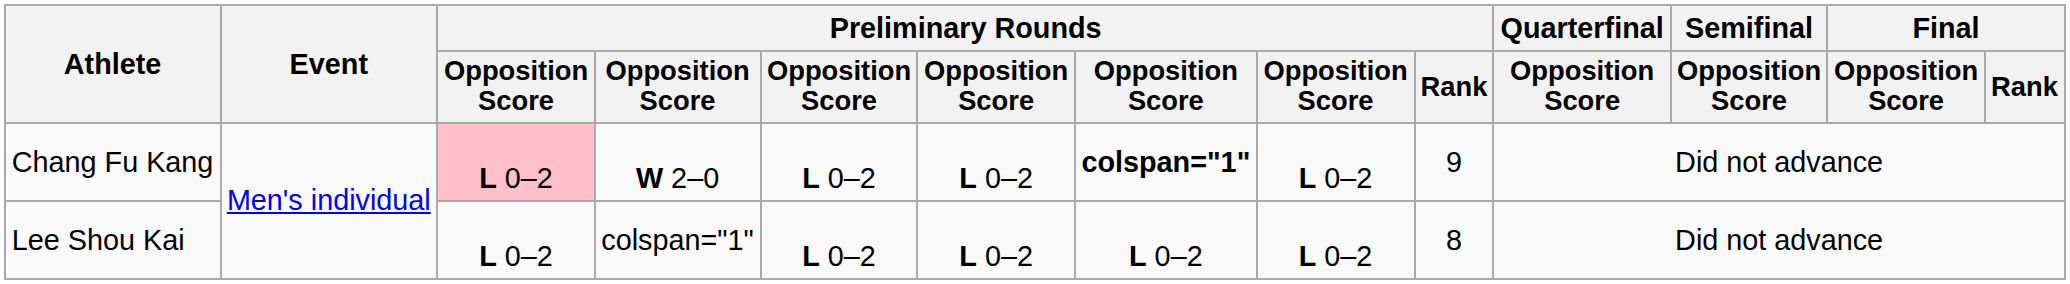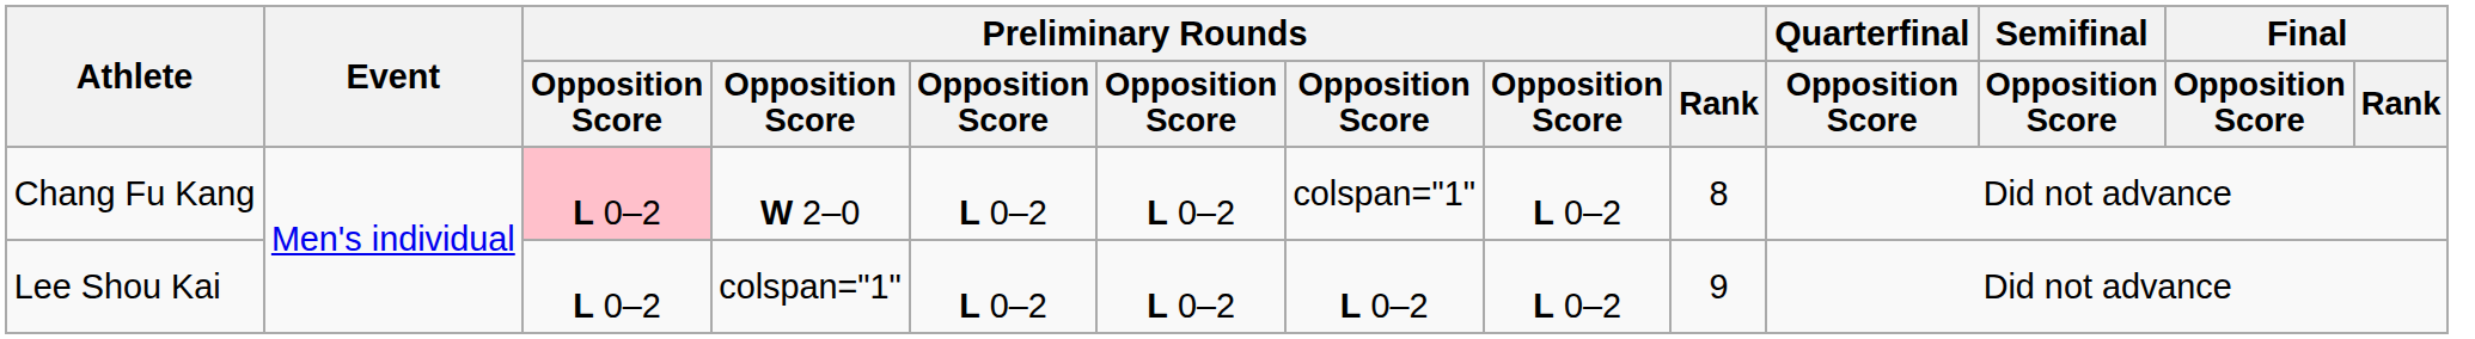 <table class="wikitable" style="font-size:90%;text-align:center">
 <tr>
 <th rowspan="2">Athlete</th>
 <th rowspan="2">Event</th>
 <th colspan="7">Preliminary Rounds</th>
 <th>Quarterfinal</th>
 <th>Semifinal</th>
 <th colspan="2">Final</th>
 </tr>
 <tr style="font-size:95%">
 <th>Opposition<br>Score</th>
 <th>Opposition<br>Score</th>
 <th>Opposition<br>Score</th>
 <th>Opposition<br>Score</th>
 <th>Opposition<br>Score</th>
 <th>Opposition<br>Score</th>
 <th>Rank</th>
 <th>Opposition<br>Score</th>
 <th>Opposition<br>Score</th>
 <th>Opposition<br>Score</th>
 <th>Rank</th>
 </tr>
 <tr>
 <td align="left">Chang Fu Kang</td>
 <td rowspan="2" align="left"><a href='#'>Men's individual</a></td>
 <td style="background: pink;"><br><strong>L</strong> 0–2</td>
 <td><br><strong>W</strong> 2–0</td>
 <td><br><strong>L</strong> 0–2</td>
 <td><br><strong>L</strong> 0–2</td>
-<td><strong>colspan="1" </strong></td>
+<td>colspan="1" </td>
 <td><br><strong>L</strong> 0–2</td>
-<td>9</td>
+<td>8</td>
 <td colspan="4">Did not advance</td>
 </tr>
 <tr>
 <td align="left">Lee Shou Kai</td>
 <td><br><strong>L</strong> 0–2</td>
 <td>colspan="1" </td>
 <td><br><strong>L</strong> 0–2</td>
 <td><br><strong>L</strong> 0–2</td>
 <td><br><strong>L</strong> 0–2</td>
 <td><br><strong>L</strong> 0–2</td>
-<td>8</td>
+<td>9</td>
 <td colspan="4">Did not advance</td>
 </tr>
 </table>
